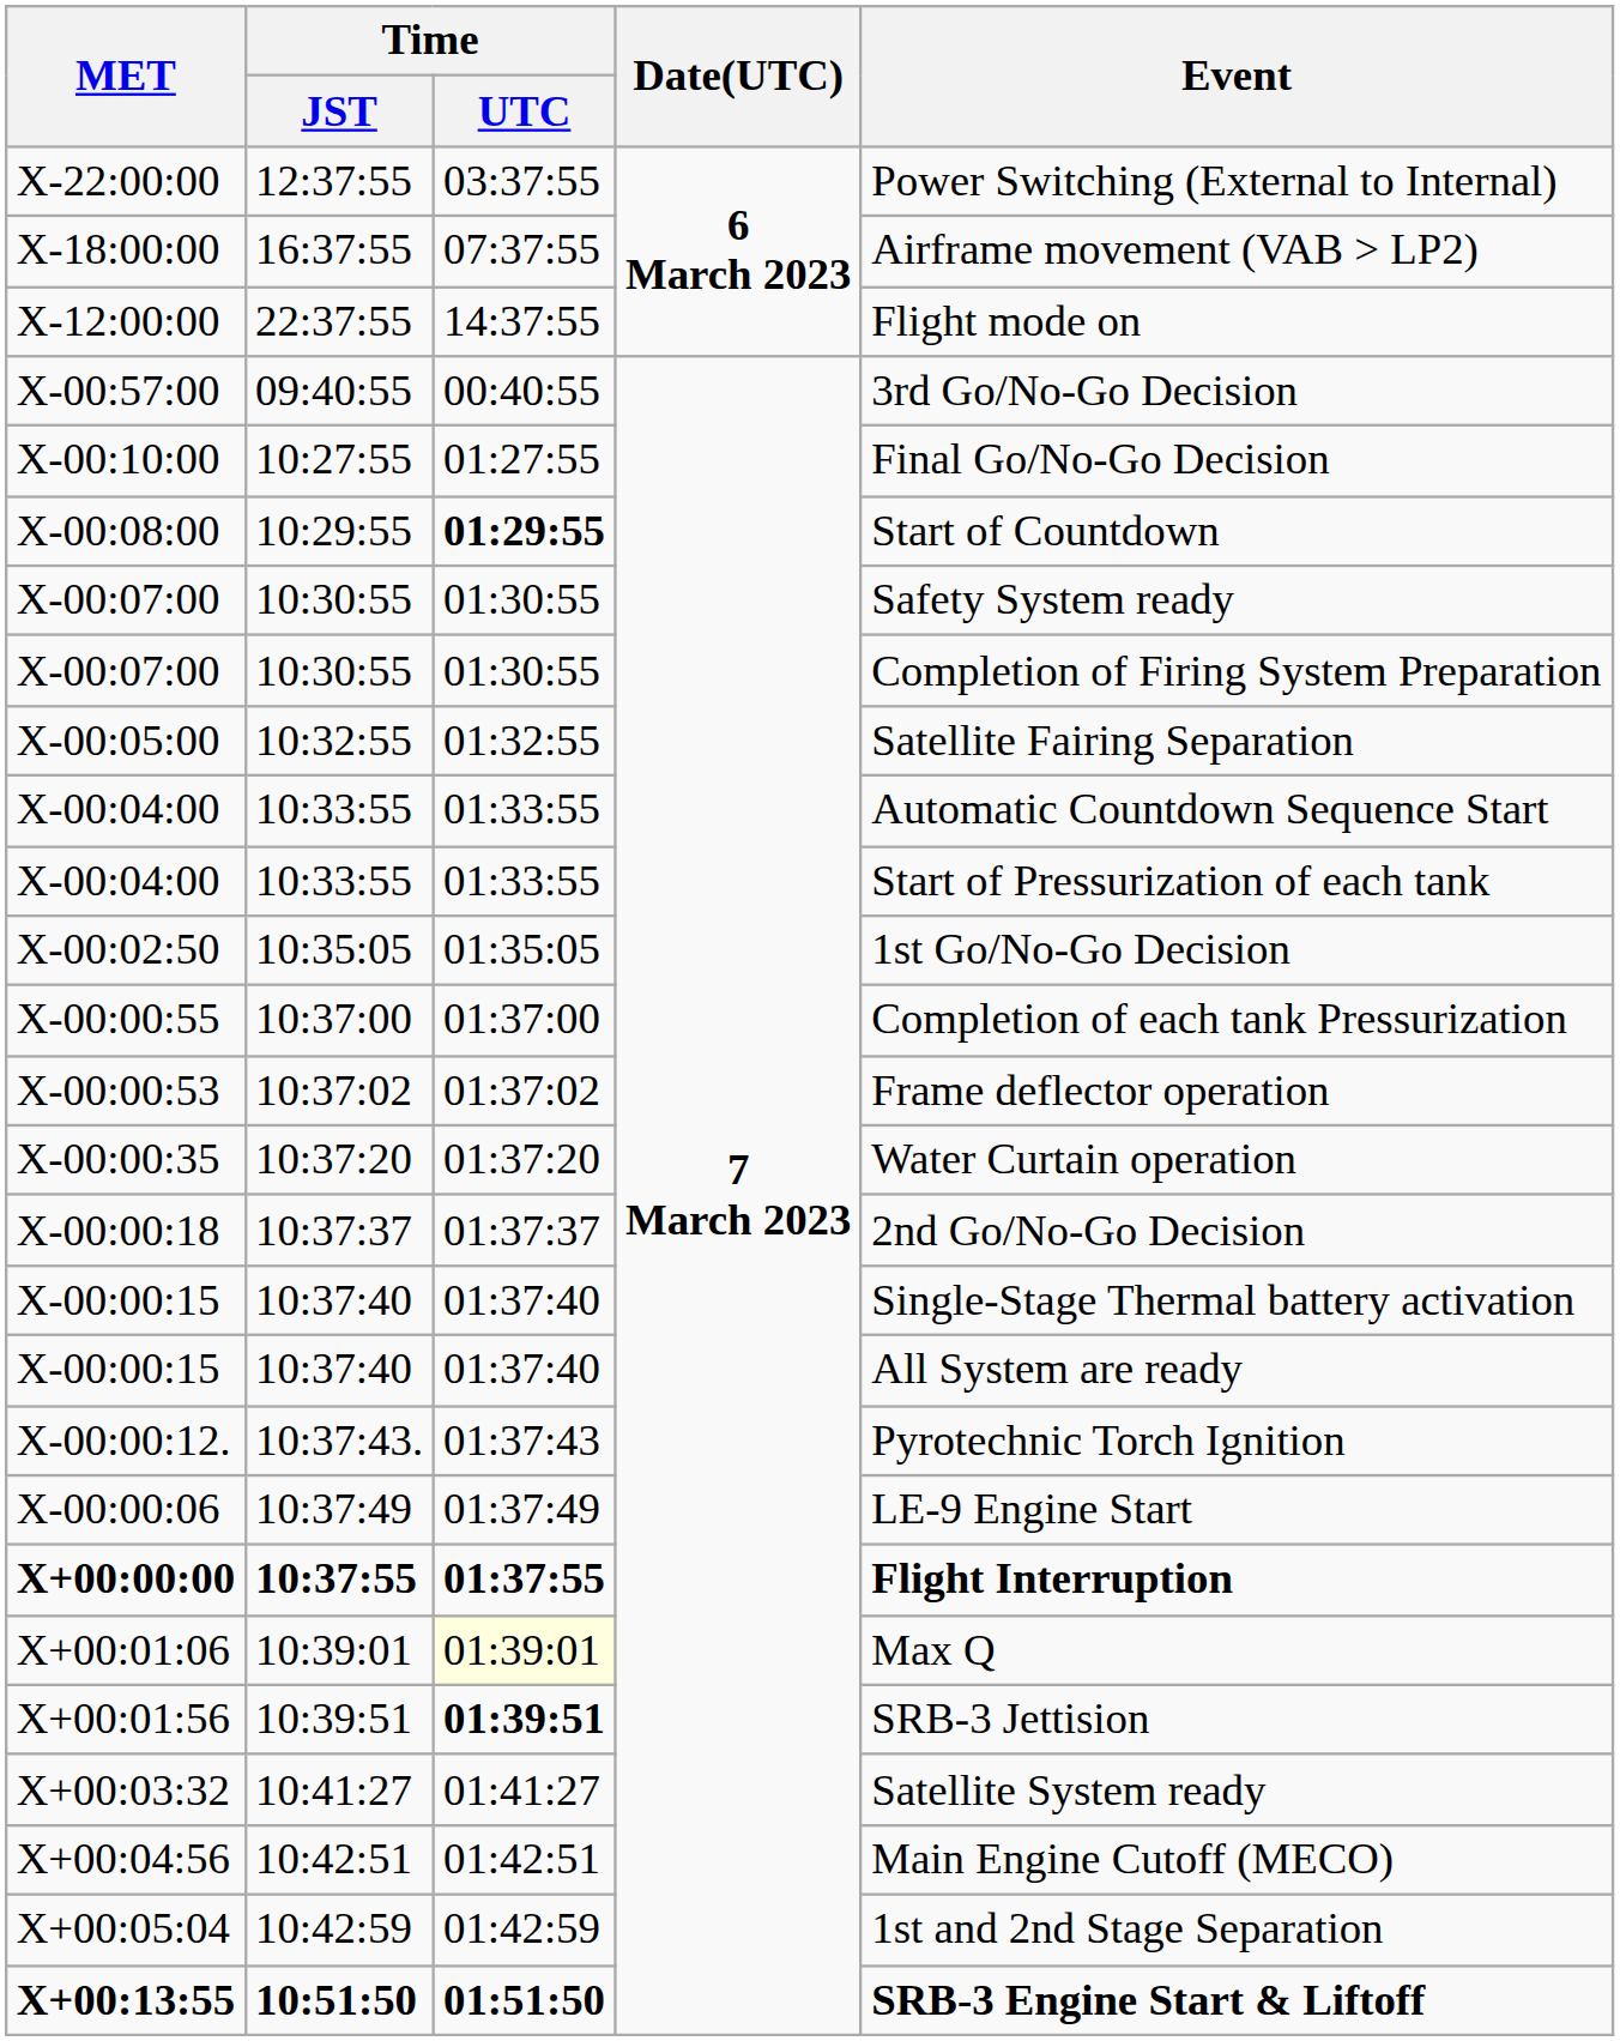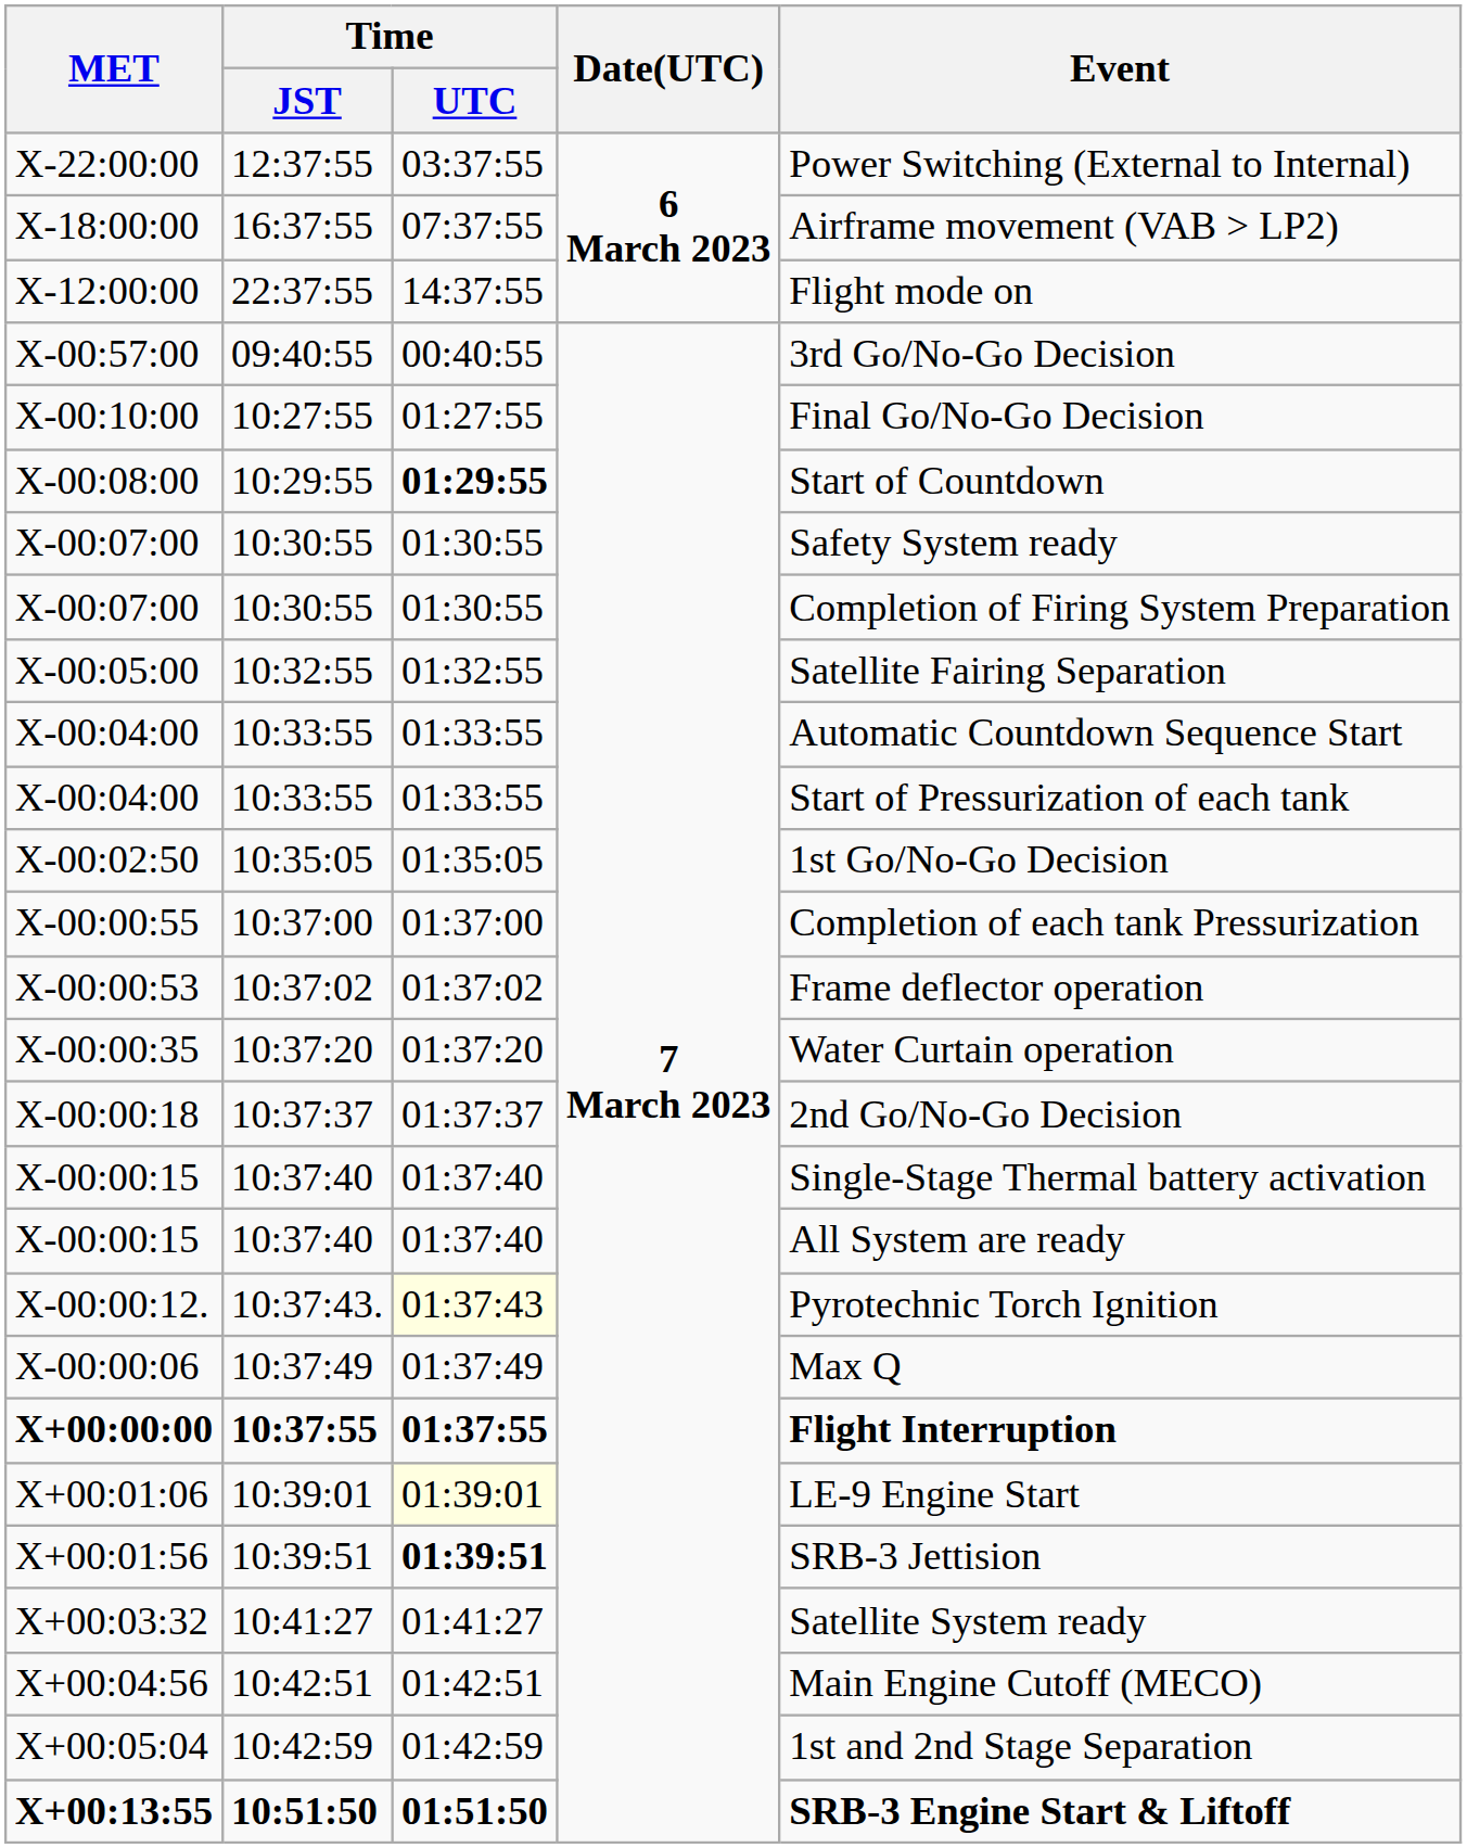 <table class="wikitable">
 <tr>
 <th rowspan="2"><a href='#'>MET</a></th>
 <th colspan="2">Time</th>
 <th rowspan="2"><strong>Date(UTC)</strong></th>
 <th rowspan="2"><strong>Event</strong></th>
 </tr>
 <tr>
 <th><a href='#'>JST</a></th>
 <th><a href='#'>UTC</a></th>
 </tr>
 <tr>
 <td>X-22:00:00</td>
 <td>12:37:55</td>
 <td>03:37:55</td>
 <td rowspan="3" style="text-align:center"><strong>6</strong><br><strong>March</strong> <strong>2023</strong></td>
 <td>Power Switching (External to Internal)</td>
 </tr>
 <tr>
 <td>X-18:00:00</td>
 <td>16:37:55</td>
 <td>07:37:55</td>
 <td>Airframe movement (VAB > LP2)</td>
 </tr>
 <tr>
 <td>X-12:00:00</td>
 <td>22:37:55</td>
 <td>14:37:55</td>
 <td>Flight mode on</td>
 </tr>
 <tr>
 <td>X-00:57:00</td>
 <td>09:40:55</td>
 <td>00:40:55</td>
 <td rowspan="24" style="text-align:center"><strong>7</strong><br><strong>March</strong> <strong>2023</strong></td>
 <td>3rd Go/No-Go Decision</td>
 </tr>
 <tr>
 <td>X-00:10:00</td>
 <td>10:27:55</td>
 <td>01:27:55</td>
 <td>Final Go/No-Go Decision</td>
 </tr>
 <tr>
 <td>X-00:08:00</td>
 <td>10:29:55</td>
 <td><strong>01:29:55</strong></td>
 <td>Start of Countdown</td>
 </tr>
 <tr>
 <td>X-00:07:00</td>
 <td>10:30:55</td>
 <td>01:30:55</td>
 <td>Safety System ready</td>
 </tr>
 <tr>
 <td>X-00:07:00</td>
 <td>10:30:55</td>
 <td>01:30:55</td>
 <td>Completion of Firing System Preparation</td>
 </tr>
 <tr>
 <td>X-00:05:00</td>
 <td>10:32:55</td>
 <td>01:32:55</td>
 <td>Satellite Fairing Separation</td>
 </tr>
 <tr>
 <td>X-00:04:00</td>
 <td>10:33:55</td>
 <td>01:33:55</td>
 <td>Automatic Countdown Sequence Start</td>
 </tr>
 <tr>
 <td>X-00:04:00</td>
 <td>10:33:55</td>
 <td>01:33:55</td>
 <td>Start of Pressurization of each tank</td>
 </tr>
 <tr>
 <td>X-00:02:50</td>
 <td>10:35:05</td>
 <td>01:35:05</td>
 <td>1st Go/No-Go Decision</td>
 </tr>
 <tr>
 <td>X-00:00:55</td>
 <td>10:37:00</td>
 <td>01:37:00</td>
 <td>Completion of each tank Pressurization</td>
 </tr>
 <tr>
 <td>X-00:00:53</td>
 <td>10:37:02</td>
 <td>01:37:02</td>
 <td>Frame deflector operation</td>
 </tr>
 <tr>
 <td>X-00:00:35</td>
 <td>10:37:20</td>
 <td>01:37:20</td>
 <td>Water Curtain operation</td>
 </tr>
 <tr>
 <td>X-00:00:18</td>
 <td>10:37:37</td>
 <td>01:37:37</td>
 <td>2nd Go/No-Go Decision</td>
 </tr>
 <tr>
 <td>X-00:00:15</td>
 <td>10:37:40</td>
 <td>01:37:40</td>
 <td>Single-Stage Thermal battery activation</td>
 </tr>
 <tr>
 <td>X-00:00:15</td>
 <td>10:37:40</td>
 <td>01:37:40</td>
 <td>All System are ready</td>
 </tr>
 <tr>
 <td>X-00:00:12.</td>
 <td>10:37:43.</td>
-<td>01:37:43</td>
+<td style="background: lightyellow;">01:37:43</td>
 <td>Pyrotechnic Torch Ignition</td>
 </tr>
 <tr>
 <td>X-00:00:06</td>
 <td>10:37:49</td>
 <td>01:37:49</td>
-<td>LE-9 Engine Start</td>
+<td>Max Q</td>
 </tr>
 <tr>
 <td><strong>X+00:00:00</strong></td>
 <td><strong>10:37:55</strong></td>
 <td><strong>01:37:55</strong></td>
 <td><strong>Flight Interruption</strong></td>
 </tr>
 <tr>
 <td>X+00:01:06</td>
 <td>10:39:01</td>
 <td style="background: lightyellow;">01:39:01</td>
-<td>Max Q</td>
+<td>LE-9 Engine Start</td>
 </tr>
 <tr>
 <td>X+00:01:56</td>
 <td>10:39:51</td>
 <td><strong>01:39:51</strong></td>
 <td>SRB-3 Jettision</td>
 </tr>
 <tr>
 <td>X+00:03:32</td>
 <td>10:41:27</td>
 <td>01:41:27</td>
 <td>Satellite System ready</td>
 </tr>
 <tr>
 <td>X+00:04:56</td>
 <td>10:42:51</td>
 <td>01:42:51</td>
 <td>Main Engine Cutoff (MECO)</td>
 </tr>
 <tr>
 <td>X+00:05:04</td>
 <td>10:42:59</td>
 <td>01:42:59</td>
 <td>1st and 2nd Stage Separation</td>
 </tr>
 <tr>
 <td><strong>X+00:13:55</strong></td>
 <td><strong>10:51:50</strong></td>
 <td><strong>01:51:50</strong></td>
 <td><strong>SRB-3 Engine Start & Liftoff</strong></td>
 </tr>
 </table>
